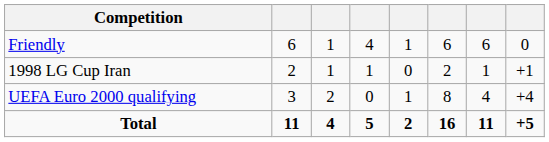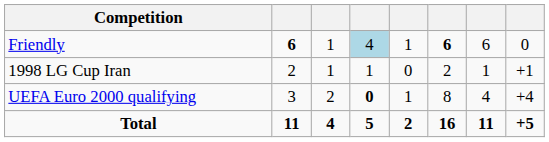 <table class="wikitable" style="text-align: center;">
 <tr>
 <th width=250>Competition</th>
 <th width=30></th>
 <th width=30></th>
 <th width=30></th>
 <th width=30></th>
 <th width=30></th>
 <th width=30></th>
 <th width=30></th>
 </tr>
 <tr>
 <td align=left><a href='#'>Friendly</a></td>
-<td>6</td>
+<td><strong>6</strong></td>
 <td>1</td>
-<td>4</td>
+<td style="background: lightblue;">4</td>
 <td>1</td>
-<td>6</td>
+<td><strong>6</strong></td>
 <td>6</td>
 <td>0</td>
 </tr>
 <tr>
 <td align=left>1998 LG Cup Iran</td>
 <td>2</td>
 <td>1</td>
 <td>1</td>
 <td>0</td>
 <td>2</td>
 <td>1</td>
 <td>+1</td>
 </tr>
 <tr>
 <td align=left><a href='#'>UEFA Euro 2000 qualifying</a></td>
 <td>3</td>
 <td>2</td>
-<td>0</td>
+<td><strong>0</strong></td>
 <td>1</td>
 <td>8</td>
 <td>4</td>
 <td>+4</td>
 </tr>
 <tr>
 <td><strong>Total</strong></td>
 <td><strong>11</strong></td>
 <td><strong>4</strong></td>
 <td><strong>5</strong></td>
 <td><strong>2</strong></td>
 <td><strong>16</strong></td>
 <td><strong>11</strong></td>
 <td><strong>+5</strong></td>
 </tr>
 </table>
